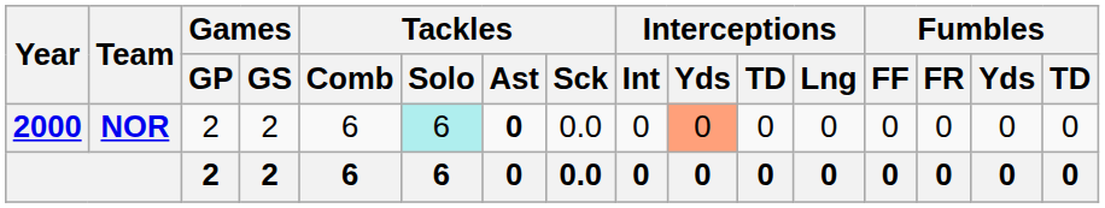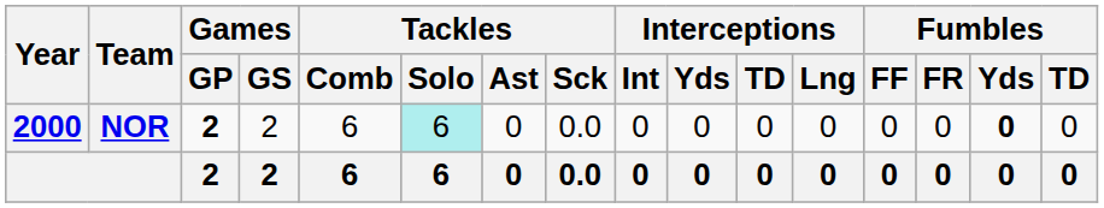 <table class="wikitable" style="text-align:center">
 <tr>
 <th rowspan="2">Year</th>
 <th rowspan="2">Team</th>
 <th colspan="2">Games</th>
 <th colspan="4">Tackles</th>
 <th colspan="4">Interceptions</th>
 <th colspan="4">Fumbles</th>
 </tr>
 <tr>
 <th>GP</th>
 <th>GS</th>
 <th>Comb</th>
 <th>Solo</th>
 <th>Ast</th>
 <th>Sck</th>
 <th>Int</th>
 <th>Yds</th>
 <th>TD</th>
 <th>Lng</th>
 <th>FF</th>
 <th>FR</th>
 <th>Yds</th>
 <th>TD</th>
 </tr>
 <tr>
 <th><a href='#'>2000</a></th>
 <th><a href='#'>NOR</a></th>
-<td>2</td>
+<td><strong>2</strong></td>
 <td>2</td>
 <td>6</td>
 <td style="background: paleturquoise;">6</td>
-<td><strong>0</strong></td>
+<td>0</td>
 <td>0.0</td>
-<td>0</td>
-<td style="background: lightsalmon;">0</td>
 <td>0</td>
 <td>0</td>
 <td>0</td>
 <td>0</td>
 <td>0</td>
+<td>0</td>
+<td><strong>0</strong></td>
 <td>0</td>
 </tr>
 <tr>
 <th colspan="2"></th>
 <th>2</th>
 <th>2</th>
 <th>6</th>
 <th>6</th>
 <th>0</th>
 <th>0.0</th>
 <th>0</th>
 <th>0</th>
 <th>0</th>
 <th>0</th>
 <th>0</th>
 <th>0</th>
 <th>0</th>
 <th>0</th>
 </tr>
 </table>
